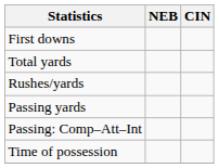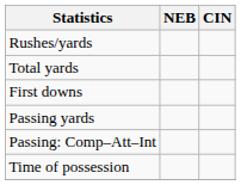 <table class="wikitable" style="float: left;">
 <tr>
 <th>Statistics</th>
 <th>NEB</th>
 <th>CIN</th>
 </tr>
 <tr>
-<td>First downs</td>
+<td>Rushes/yards</td>
 <td></td>
 <td></td>
 </tr>
 <tr>
 <td>Total yards</td>
 <td></td>
 <td></td>
 </tr>
 <tr>
-<td>Rushes/yards</td>
+<td>First downs</td>
 <td></td>
 <td></td>
 </tr>
 <tr>
 <td>Passing yards</td>
 <td></td>
 <td></td>
 </tr>
 <tr>
 <td>Passing: Comp–Att–Int</td>
 <td></td>
 <td></td>
 </tr>
 <tr>
 <td>Time of possession</td>
 <td></td>
 <td></td>
 </tr>
 <tr>
 </tr>
 </table>
